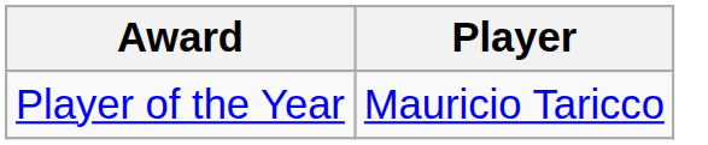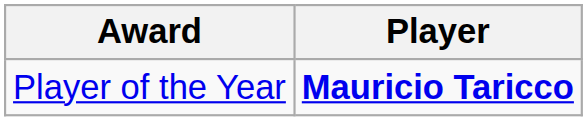 <table class="wikitable" style="text-align:center">
 <tr>
 <th width=0%>Award</th>
 <th width=0%>Player</th>
 </tr>
 <tr>
 <td><a href='#'>Player of the Year</a></td>
-<td> <a href='#'>Mauricio Taricco</a></td>
+<td><strong> <a href='#'>Mauricio Taricco</a></strong></td>
 </tr>
 </table>
